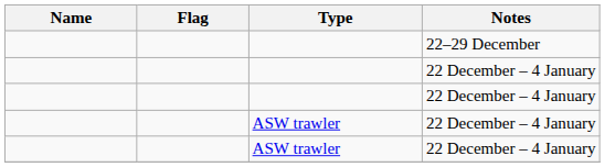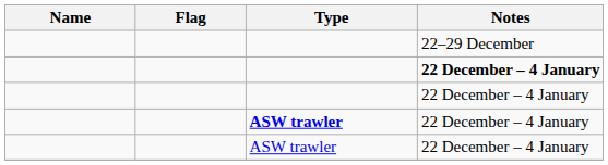 <table class="wikitable sortable">
 <tr>
 <th scope="col" width="120px">Name</th>
 <th scope="col" width="100px">Flag</th>
 <th scope="col" width="160px">Type</th>
 <th>Notes</th>
 </tr>
 <tr>
 <td align="left"></td>
 <td align="left"></td>
 <td align="left"></td>
 <td align="left">22–29 December</td>
 </tr>
 <tr>
 <td align="left"></td>
 <td align="left"></td>
 <td align="left"></td>
-<td align="left">22 December – 4 January</td>
+<td align="left"><strong>22 December – 4 January</strong></td>
 </tr>
 <tr>
 <td align="left"></td>
 <td align="left"></td>
 <td align="left"></td>
 <td align="left">22 December – 4 January</td>
 </tr>
 <tr>
 <td align="left"></td>
 <td align="left"></td>
-<td align="left"><a href='#'>ASW trawler</a></td>
+<td align="left"><strong><a href='#'>ASW trawler</a></strong></td>
 <td align="left">22 December – 4 January</td>
 </tr>
 <tr>
 <td align="left"></td>
 <td align="left"></td>
 <td align="left"><a href='#'>ASW trawler</a></td>
 <td align="left">22 December – 4 January</td>
 </tr>
 <tr>
 </tr>
 </table>
